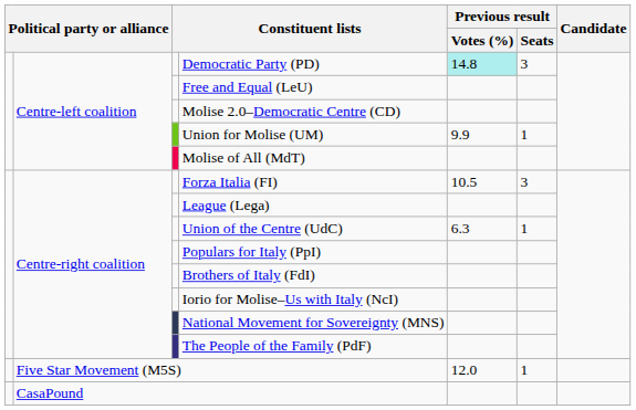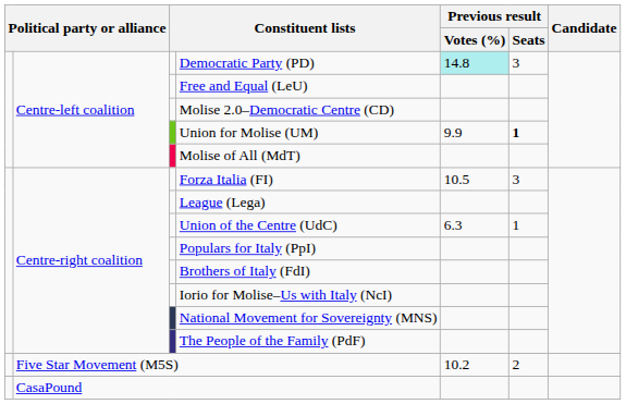 <table class="wikitable" style="text-align:left">
 <tr>
 <th colspan=2 rowspan="2">Political party or alliance</th>
 <th colspan=2 rowspan="2">Constituent lists</th>
 <th colspan="2">Previous result</th>
 <th colspan="2" rowspan="2">Candidate</th>
 </tr>
 <tr>
 <th>Votes (%)</th>
 <th>Seats</th>
 </tr>
 <tr>
 <td rowspan="5"></td>
 <td rowspan=5><a href='#'>Centre-left coalition</a></td>
 <td></td>
 <td style="text-align:left;"><a href='#'>Democratic Party</a> (PD)</td>
 <td style="background: paleturquoise;">14.8</td>
 <td>3</td>
 <td rowspan="5"></td>
 </tr>
 <tr>
 <td style="background-color:"></td>
 <td><a href='#'>Free and Equal</a> (LeU)</td>
 <td></td>
 <td></td>
 </tr>
 <tr>
 <td></td>
 <td style="text-align:left;">Molise 2.0–<a href='#'>Democratic Centre</a> (CD)</td>
 <td></td>
 <td></td>
 </tr>
 <tr>
 <td bgcolor="#6CC417"></td>
 <td style="text-align:left;">Union for Molise (UM)</td>
 <td>9.9</td>
-<td>1</td>
+<td><strong>1</strong></td>
 </tr>
 <tr>
 <td bgcolor="#F0004D"></td>
 <td style="text-align:left;">Molise of All (MdT)</td>
 <td></td>
 <td></td>
 </tr>
 <tr>
 <td rowspan="8" style="background:"></td>
 <td rowspan=8><a href='#'>Centre-right coalition</a></td>
 <td></td>
 <td style="text-align:left;"><a href='#'>Forza Italia</a> (FI)</td>
 <td>10.5</td>
 <td>3</td>
 <td rowspan="8"></td>
 </tr>
 <tr>
 <td></td>
 <td style="text-align:left;"><a href='#'>League</a> (Lega)</td>
 <td></td>
 <td></td>
 </tr>
 <tr>
 <td></td>
 <td style="text-align:left;"><a href='#'>Union of the Centre</a>  (UdC)</td>
 <td>6.3</td>
 <td>1</td>
 </tr>
 <tr>
 <td></td>
 <td style="text-align:left;"><a href='#'>Populars for Italy</a> (PpI)</td>
 <td></td>
 <td></td>
 </tr>
 <tr>
 <td></td>
 <td style="text-align:left;"><a href='#'>Brothers of Italy</a> (FdI)</td>
 <td></td>
 <td></td>
 </tr>
 <tr>
 <td></td>
 <td style="text-align:left;">Iorio for Molise–<a href='#'>Us with Italy</a> (NcI)</td>
 <td></td>
 <td></td>
 </tr>
 <tr>
 <td bgcolor="#2B3856"></td>
 <td style="text-align:left;"><a href='#'>National Movement for Sovereignty</a> (MNS)</td>
 <td></td>
 <td></td>
 </tr>
 <tr>
 <td bgcolor="#342D7E"></td>
 <td style="text-align:left;"><a href='#'>The People of the Family</a> (PdF)</td>
 <td></td>
 <td></td>
 </tr>
 <tr>
 <td style="background-color:"></td>
 <td colspan="3"><a href='#'>Five Star Movement</a> (M5S)</td>
-<td>12.0</td>
-<td>1</td>
+<td>10.2</td>
+<td>2</td>
 <td></td>
 </tr>
 <tr>
 <td style="background-color:"></td>
 <td colspan="3"><a href='#'>CasaPound</a></td>
 <td></td>
 <td></td>
 <td></td>
 </tr>
 </table>
